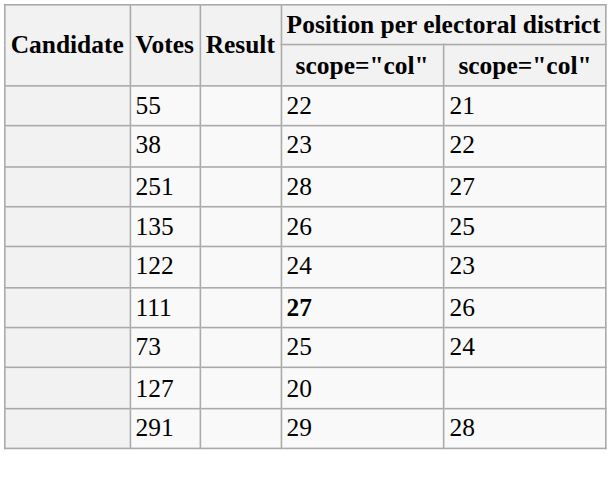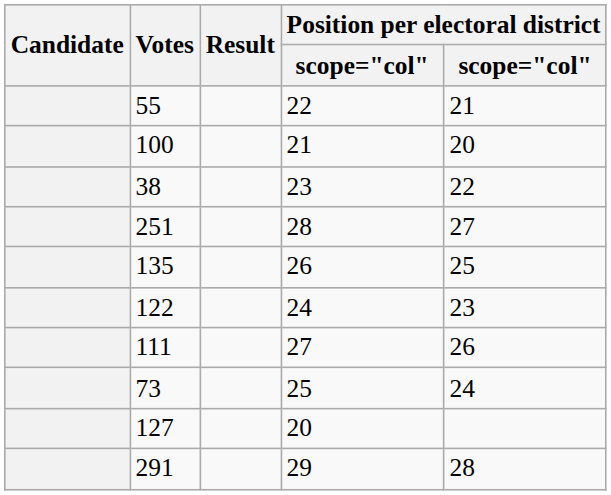 <table class="wikitable sortable defaultright col3left">
 <tr>
 <th scope="col" rowspan="2">Candidate</th>
 <th scope="col" rowspan="2">Votes</th>
 <th scope="col" rowspan="2">Result</th>
 <th scope="col" colspan="2">Position per electoral district</th>
 </tr>
 <tr>
 <th>scope="col" </th>
 <th>scope="col" </th>
 </tr>
 <tr>
 <th scope="row"></th>
 <td>55</td>
 <td></td>
 <td>22</td>
 <td>21</td>
+</tr>
+<tr>
+<th scope="row"></th>
+<td>100</td>
+<td></td>
+<td>21</td>
+<td>20</td>
 </tr>
 <tr>
 <th scope="row"></th>
 <td>38</td>
 <td></td>
 <td>23</td>
 <td>22</td>
 </tr>
 <tr>
 <th scope="row"></th>
 <td>251</td>
 <td></td>
 <td>28</td>
 <td>27</td>
 </tr>
 <tr>
 <th scope="row"></th>
 <td>135</td>
 <td></td>
 <td>26</td>
 <td>25</td>
 </tr>
 <tr>
 <th scope="row"></th>
 <td>122</td>
 <td></td>
 <td>24</td>
 <td>23</td>
 </tr>
 <tr>
 <th scope="row"></th>
 <td>111</td>
 <td></td>
-<td><strong>27</strong></td>
+<td>27</td>
 <td>26</td>
 </tr>
 <tr>
 <th scope="row"></th>
 <td>73</td>
 <td></td>
 <td>25</td>
 <td>24</td>
 </tr>
 <tr>
 <th scope="row"></th>
 <td>127</td>
 <td></td>
 <td>20</td>
 <td></td>
 </tr>
 <tr>
 <th scope="row"></th>
 <td>291</td>
 <td></td>
 <td>29</td>
 <td>28</td>
 </tr>
 </table>
